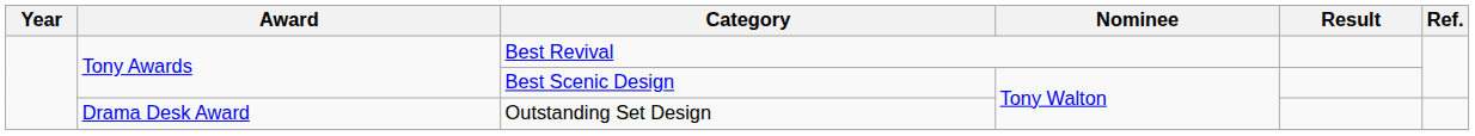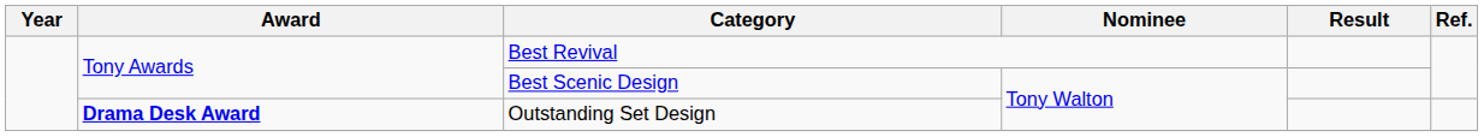 <table class="wikitable" width="95%">
 <tr>
 <th width="5%">Year</th>
 <th width="30%">Award</th>
 <th width="35%">Category</th>
 <th width="20%">Nominee</th>
 <th width="10%">Result</th>
 <th class=unsortable>Ref.</th>
 </tr>
 <tr>
 <td rowspan=4></td>
 <td rowspan=2><a href='#'>Tony Awards</a></td>
 <td colspan=2><a href='#'>Best Revival</a></td>
 <td></td>
 <td rowspan=2></td>
 </tr>
 <tr>
 <td><a href='#'>Best Scenic Design</a></td>
 <td rowspan=2><a href='#'>Tony Walton</a></td>
 <td></td>
 </tr>
 <tr>
-<td><a href='#'>Drama Desk Award</a></td>
+<td><strong><a href='#'>Drama Desk Award</a></strong></td>
 <td>Outstanding Set Design</td>
 <td></td>
 <td></td>
 </tr>
 <tr>
 </tr>
 </table>
